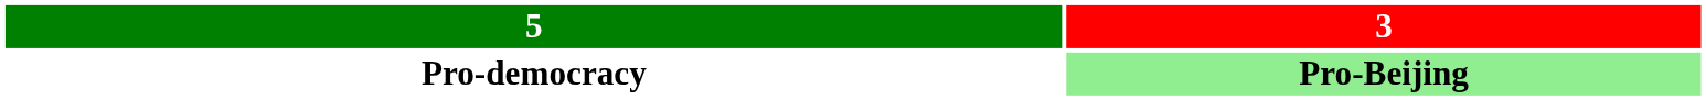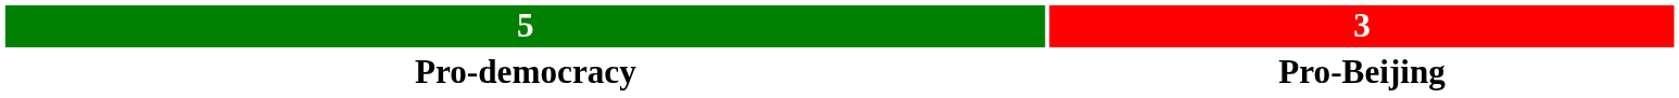 <table style="width:50%; text-align:center;">
 <tr style="color:white;">
 <td style="background:green; width:62.5%;"><strong>5</strong></td>
 <td style="background:red; width:37.5%;"><strong>3</strong></td>
 </tr>
 <tr>
 <td><span><strong>Pro-democracy</strong></span></td>
-<td style="background: lightgreen;"><span><strong>Pro-Beijing</strong></span></td>
+<td><span><strong>Pro-Beijing</strong></span></td>
 </tr>
 </table>
